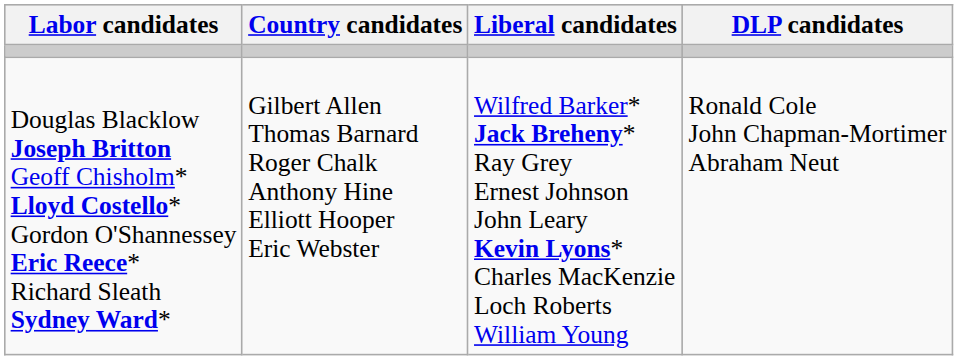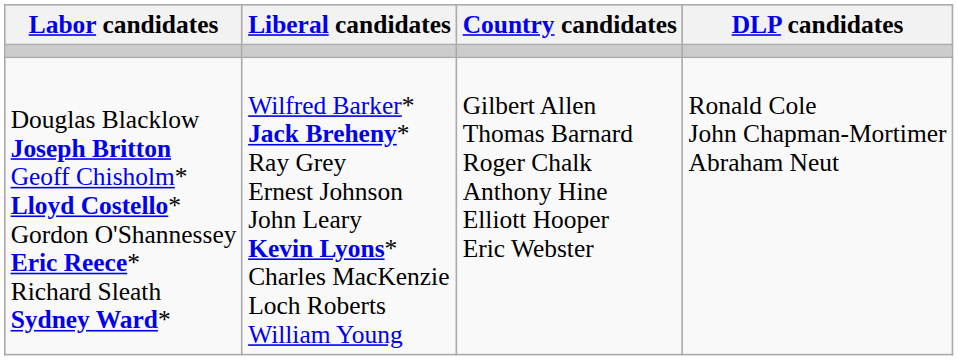 <table class="wikitable">
 <tr>
 <th><a href='#'>Labor</a> candidates</th>
+<th><a href='#'>Liberal</a> candidates</th>
 <th><a href='#'>Country</a> candidates</th>
-<th><a href='#'>Liberal</a> candidates</th>
 <th><a href='#'>DLP</a> candidates</th>
 </tr>
 <tr bgcolor="#cccccc">
 <td></td>
 <td></td>
 <td></td>
 <td></td>
 </tr>
 <tr>
 <td><br>Douglas Blacklow<br> <strong><a href='#'>Joseph Britton</a></strong><br> <a href='#'>Geoff Chisholm</a>*<br> <strong><a href='#'>Lloyd Costello</a></strong>*<br> Gordon O'Shannessey<br> <strong><a href='#'>Eric Reece</a></strong>*<br> Richard Sleath<br> <strong><a href='#'>Sydney Ward</a></strong>*</td>
+<td><br><a href='#'>Wilfred Barker</a>*<br> <strong><a href='#'>Jack Breheny</a></strong>*<br> Ray Grey<br> Ernest Johnson<br> John Leary<br> <strong><a href='#'>Kevin Lyons</a></strong>*<br> Charles MacKenzie<br> Loch Roberts<br> <a href='#'>William Young</a></td>
 <td valign=top><br>Gilbert Allen<br> Thomas Barnard<br> Roger Chalk<br> Anthony Hine<br> Elliott Hooper<br> Eric Webster</td>
-<td><br><a href='#'>Wilfred Barker</a>*<br> <strong><a href='#'>Jack Breheny</a></strong>*<br> Ray Grey<br> Ernest Johnson<br> John Leary<br> <strong><a href='#'>Kevin Lyons</a></strong>*<br> Charles MacKenzie<br> Loch Roberts<br> <a href='#'>William Young</a></td>
 <td valign=top><br>Ronald Cole<br> John Chapman-Mortimer<br> Abraham Neut</td>
 </tr>
 </table>
